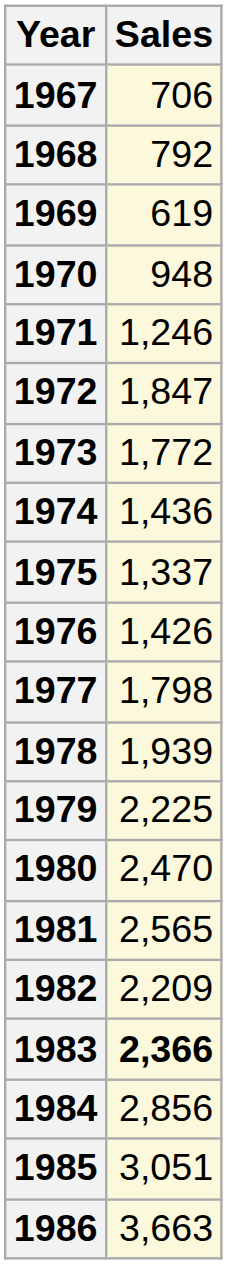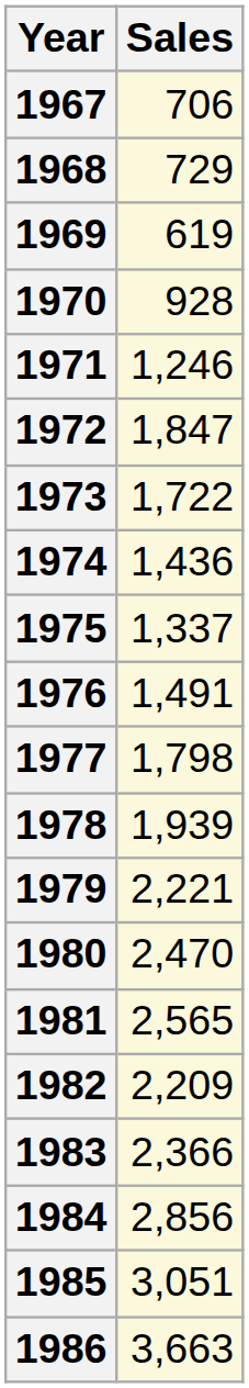 <table class="wikitable" style="text-align: right; display:inline-table">
 <tr>
 <th>Year</th>
 <th>Sales</th>
 </tr>
 <tr>
 <th>1967</th>
 <td style="background:#fbf8db; align:right;">706</td>
 </tr>
 <tr>
 <th>1968</th>
-<td style="background:#fbf8db; align:right;">792</td>
+<td style="background:#fbf8db; align:right;">729</td>
 </tr>
 <tr>
 <th>1969</th>
 <td style="background:#fbf8db; align:right;">619</td>
 </tr>
 <tr>
 <th>1970</th>
-<td style="background:#fbf8db; align:right;">948</td>
+<td style="background:#fbf8db; align:right;">928</td>
 </tr>
 <tr>
 <th>1971</th>
 <td style="background:#fbf8db; align:right;">1,246</td>
 </tr>
 <tr>
 <th>1972</th>
 <td style="background:#fbf8db; align:right;">1,847</td>
 </tr>
 <tr>
 <th>1973</th>
-<td style="background:#fbf8db; align:right;">1,772</td>
+<td style="background:#fbf8db; align:right;">1,722</td>
 </tr>
 <tr>
 <th>1974</th>
 <td style="background:#fbf8db; align:right;">1,436</td>
 </tr>
 <tr>
 <th>1975</th>
 <td style="background:#fbf8db; align:right;">1,337</td>
 </tr>
 <tr>
 <th>1976</th>
-<td style="background:#fbf8db; align:right;">1,426</td>
+<td style="background:#fbf8db; align:right;">1,491</td>
 </tr>
 <tr>
 <th>1977</th>
 <td style="background:#fbf8db; align:right;">1,798</td>
 </tr>
 <tr>
 <th>1978</th>
 <td style="background:#fbf8db; align:right;">1,939</td>
 </tr>
 <tr>
 <th>1979</th>
-<td style="background:#fbf8db; align:right;">2,225</td>
+<td style="background:#fbf8db; align:right;">2,221</td>
 </tr>
 <tr>
 <th>1980</th>
 <td style="background:#fbf8db; align:right;">2,470</td>
 </tr>
 <tr>
 <th>1981</th>
 <td style="background:#fbf8db; align:right;">2,565</td>
 </tr>
 <tr>
 <th>1982</th>
 <td style="background:#fbf8db; align:right;">2,209</td>
 </tr>
 <tr>
 <th>1983</th>
-<td style="background:#fbf8db; align:right;"><strong>2,366</strong></td>
+<td style="background:#fbf8db; align:right;">2,366</td>
 </tr>
 <tr>
 <th>1984</th>
 <td style="background:#fbf8db; align:right;">2,856</td>
 </tr>
 <tr>
 <th>1985</th>
 <td style="background:#fbf8db; align:right;">3,051</td>
 </tr>
 <tr>
 <th>1986</th>
 <td style="background:#fbf8db; align:right;">3,663</td>
 </tr>
 </table>
